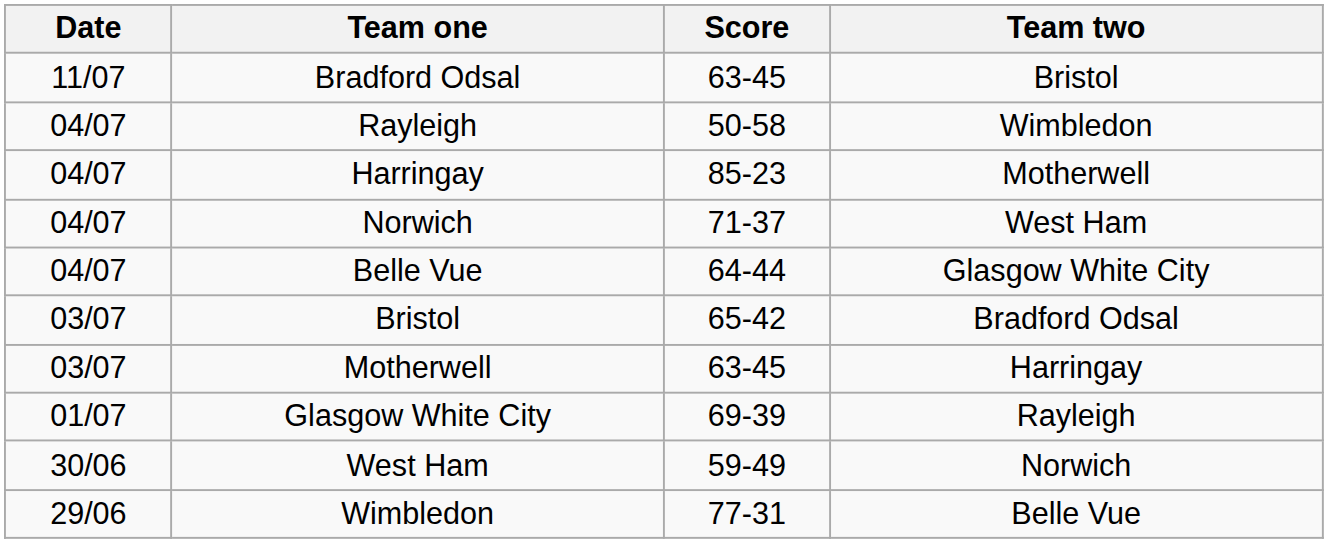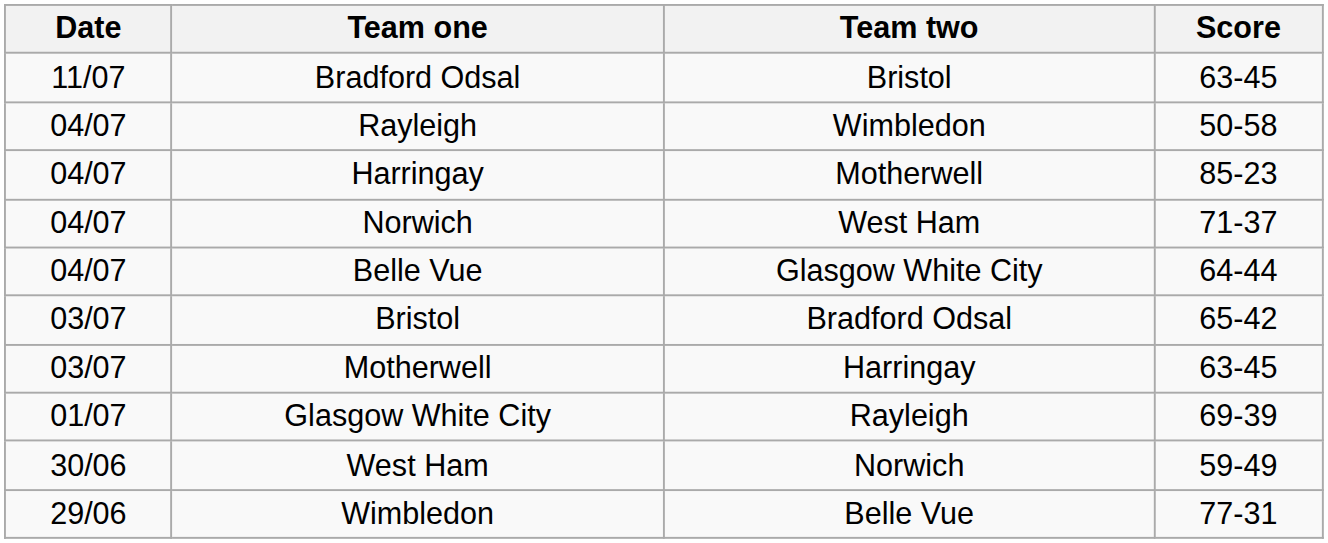 <table class="wikitable" style="text-align: center">
 <tr>
 <th width=80>Date</th>
 <th width=250>Team one</th>
+<th width=250>Team two</th>
 <th width=80>Score</th>
-<th width=250>Team two</th>
 </tr>
 <tr>
 <td>11/07</td>
 <td>Bradford Odsal</td>
+<td>Bristol</td>
 <td>63-45</td>
-<td>Bristol</td>
 </tr>
 <tr>
 <td>04/07</td>
 <td>Rayleigh</td>
+<td>Wimbledon</td>
 <td>50-58</td>
-<td>Wimbledon</td>
 </tr>
 <tr>
 <td>04/07</td>
 <td>Harringay</td>
+<td>Motherwell</td>
 <td>85-23</td>
-<td>Motherwell</td>
 </tr>
 <tr>
 <td>04/07</td>
 <td>Norwich</td>
+<td>West Ham</td>
 <td>71-37</td>
-<td>West Ham</td>
 </tr>
 <tr>
 <td>04/07</td>
 <td>Belle Vue</td>
+<td>Glasgow White City</td>
 <td>64-44</td>
-<td>Glasgow White City</td>
 </tr>
 <tr>
 <td>03/07</td>
 <td>Bristol</td>
+<td>Bradford Odsal</td>
 <td>65-42</td>
-<td>Bradford Odsal</td>
 </tr>
 <tr>
 <td>03/07</td>
 <td>Motherwell</td>
+<td>Harringay</td>
 <td>63-45</td>
-<td>Harringay</td>
 </tr>
 <tr>
 <td>01/07</td>
 <td>Glasgow White City</td>
+<td>Rayleigh</td>
 <td>69-39</td>
-<td>Rayleigh</td>
 </tr>
 <tr>
 <td>30/06</td>
 <td>West Ham</td>
+<td>Norwich</td>
 <td>59-49</td>
-<td>Norwich</td>
 </tr>
 <tr>
 <td>29/06</td>
 <td>Wimbledon</td>
+<td>Belle Vue</td>
 <td>77-31</td>
-<td>Belle Vue</td>
 </tr>
 </table>
